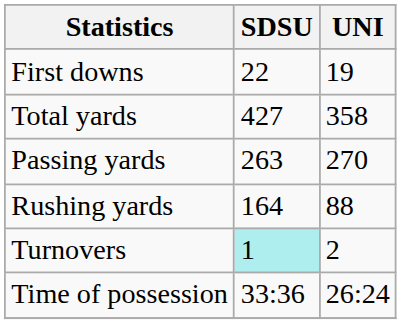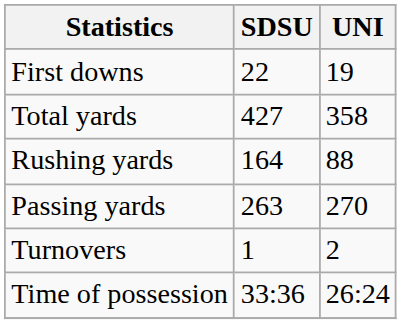 <table class="wikitable">
 <tr>
 <th>Statistics</th>
 <th>SDSU</th>
 <th>UNI</th>
 </tr>
 <tr>
 <td>First downs</td>
 <td>22</td>
 <td>19</td>
 </tr>
 <tr>
 <td>Total yards</td>
 <td>427</td>
 <td>358</td>
 </tr>
 <tr>
+<td>Rushing yards</td>
+<td>164</td>
+<td>88</td>
+</tr>
+<tr>
 <td>Passing yards</td>
 <td>263</td>
 <td>270</td>
 </tr>
 <tr>
-<td>Rushing yards</td>
-<td>164</td>
-<td>88</td>
-</tr>
-<tr>
 <td>Turnovers</td>
-<td style="background: paleturquoise;">1</td>
+<td>1</td>
 <td>2</td>
 </tr>
 <tr>
 <td>Time of possession</td>
 <td>33:36</td>
 <td>26:24</td>
 </tr>
 <tr>
 </tr>
 </table>
